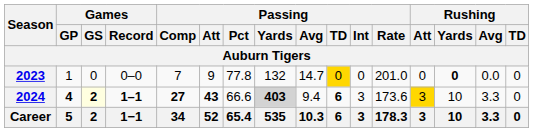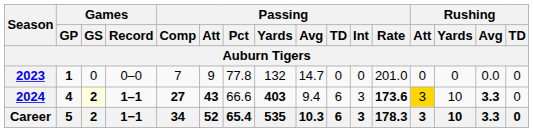 <table class="wikitable" style="text-align:center;">
 <tr>
 <th rowspan="2">Season</th>
 <th colspan="3">Games</th>
 <th colspan="8">Passing</th>
 <th colspan="5">Rushing</th>
 </tr>
 <tr>
 <th>GP</th>
 <th>GS</th>
 <th>Record</th>
 <th>Comp</th>
 <th>Att</th>
 <th>Pct</th>
 <th>Yards</th>
 <th>Avg</th>
 <th>TD</th>
 <th>Int</th>
 <th>Rate</th>
 <th>Att</th>
 <th>Yards</th>
 <th>Avg</th>
 <th>TD</th>
 </tr>
 <tr>
 <th colspan="16">Auburn Tigers</th>
 </tr>
 <tr>
 <th><a href='#'>2023</a></th>
-<td>1</td>
+<td><strong>1</strong></td>
 <td>0</td>
 <td>0–0</td>
 <td>7</td>
 <td>9</td>
 <td>77.8</td>
 <td>132</td>
 <td>14.7</td>
-<td style="background: gold;">0</td>
+<td>0</td>
 <td>0</td>
 <td>201.0</td>
 <td>0</td>
-<td><strong>0</strong></td>
+<td>0</td>
 <td>0.0</td>
 <td>0</td>
 </tr>
 <tr>
 <th><a href='#'>2024</a></th>
 <td><strong>4</strong></td>
 <td style="background: lightyellow;"><strong>2</strong></td>
 <td><strong>1–1</strong></td>
 <td><strong>27</strong></td>
 <td><strong>43</strong></td>
 <td>66.6</td>
-<td style="background: lightgrey;"><strong>403</strong></td>
+<td><strong>403</strong></td>
 <td>9.4</td>
-<td><strong>6</strong></td>
+<td>6</td>
 <td>3</td>
-<td>173.6</td>
+<td><strong>173.6</strong></td>
 <td style="background: gold;">3</td>
 <td>10</td>
-<td>3.3</td>
+<td><strong>3.3</strong></td>
 <td>0</td>
 </tr>
 <tr>
 <th>Career</th>
 <th>5</th>
 <th>2</th>
 <th>1−1</th>
 <th>34</th>
 <th>52</th>
 <th>65.4</th>
 <th>535</th>
 <th>10.3</th>
 <th>6</th>
 <th>3</th>
 <th>178.3</th>
 <th>3</th>
 <th>10</th>
 <th>3.3</th>
 <th>0</th>
 </tr>
 </table>
